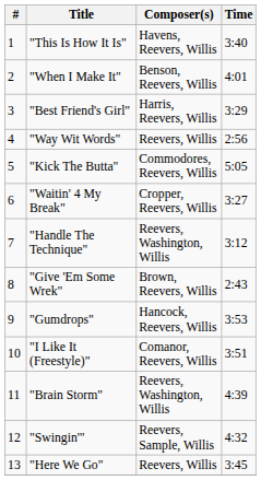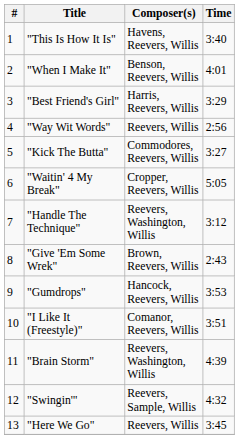 <table class="wikitable">
 <tr>
 <th align="center" width="20">#</th>
 <th align="center" width="130">Title</th>
 <th align="center" width="100">Composer(s)</th>
 <th align="center">Time</th>
 </tr>
 <tr>
 <td>1</td>
 <td>"This Is How It Is"</td>
 <td>Havens, Reevers, Willis</td>
 <td>3:40</td>
 </tr>
 <tr>
 <td>2</td>
 <td>"When I Make It"</td>
 <td>Benson, Reevers, Willis</td>
 <td>4:01</td>
 </tr>
 <tr>
 <td>3</td>
 <td>"Best Friend's Girl"</td>
 <td>Harris, Reevers, Willis</td>
 <td>3:29</td>
 </tr>
 <tr>
 <td>4</td>
 <td>"Way Wit Words"</td>
 <td>Reevers, Willis</td>
 <td>2:56</td>
 </tr>
 <tr>
 <td>5</td>
 <td>"Kick The Butta"</td>
 <td>Commodores, Reevers, Willis</td>
-<td>5:05</td>
+<td>3:27</td>
 </tr>
 <tr>
 <td>6</td>
 <td>"Waitin' 4 My Break"</td>
 <td>Cropper, Reevers, Willis</td>
-<td>3:27</td>
+<td>5:05</td>
 </tr>
 <tr>
 <td>7</td>
 <td>"Handle The Technique"</td>
 <td>Reevers, Washington, Willis</td>
 <td>3:12</td>
 </tr>
 <tr>
 <td>8</td>
 <td>"Give 'Em Some Wrek"</td>
 <td>Brown, Reevers, Willis</td>
 <td>2:43</td>
 </tr>
 <tr>
 <td>9</td>
 <td>"Gumdrops"</td>
 <td>Hancock, Reevers, Willis</td>
 <td>3:53</td>
 </tr>
 <tr>
 <td>10</td>
 <td>"I Like It (Freestyle)"</td>
 <td>Comanor, Reevers, Willis</td>
 <td>3:51</td>
 </tr>
 <tr>
 <td>11</td>
 <td>"Brain Storm"</td>
 <td>Reevers, Washington, Willis</td>
 <td>4:39</td>
 </tr>
 <tr>
 <td>12</td>
 <td>"Swingin'"</td>
 <td>Reevers, Sample, Willis</td>
 <td>4:32</td>
 </tr>
 <tr>
 <td>13</td>
 <td>"Here We Go"</td>
 <td>Reevers, Willis</td>
 <td>3:45</td>
 </tr>
 <tr>
 </tr>
 </table>
